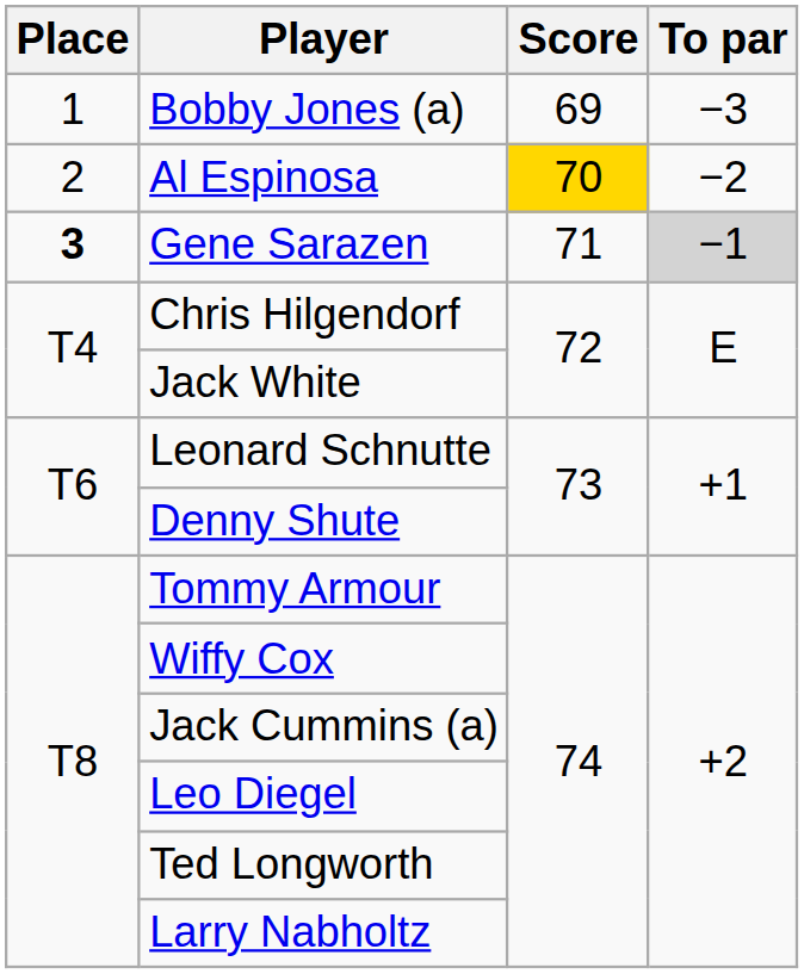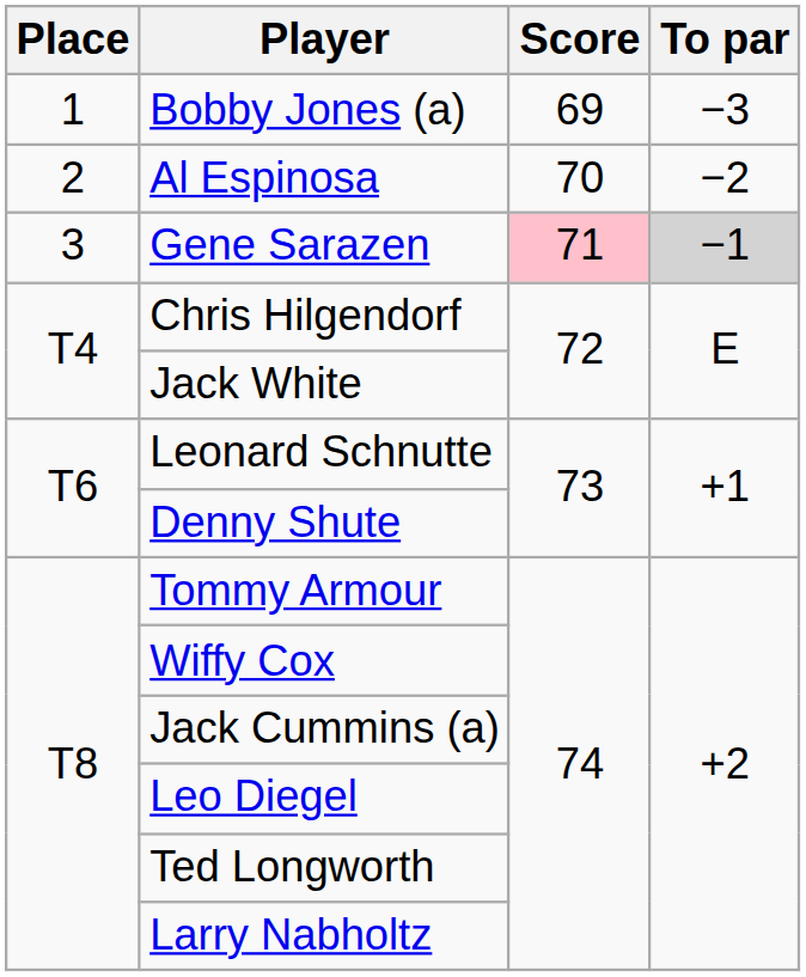 <table class=wikitable>
 <tr>
 <th>Place</th>
 <th>Player</th>
 <th>Score</th>
 <th>To par</th>
 </tr>
 <tr>
 <td align=center>1</td>
 <td> <a href='#'>Bobby Jones</a> (a)</td>
 <td align=center>69</td>
 <td align=center>−3</td>
 </tr>
 <tr>
 <td align=center>2</td>
 <td> <a href='#'>Al Espinosa</a></td>
-<td align=center style="background: gold;">70</td>
+<td align=center>70</td>
 <td align=center>−2</td>
 </tr>
 <tr>
-<td align=center><strong>3</strong></td>
+<td align=center>3</td>
 <td> <a href='#'>Gene Sarazen</a></td>
-<td align=center>71</td>
+<td align=center style="background: pink;">71</td>
 <td align=center style="background: lightgrey;">−1</td>
 </tr>
 <tr>
 <td rowspan=2 align=center>T4</td>
 <td> Chris Hilgendorf</td>
 <td rowspan=2 align=center>72</td>
 <td rowspan=2 align=center>E</td>
 </tr>
 <tr>
 <td> Jack White</td>
 </tr>
 <tr>
 <td rowspan=2 align=center>T6</td>
 <td> Leonard Schnutte</td>
 <td rowspan=2 align=center>73</td>
 <td rowspan=2 align=center>+1</td>
 </tr>
 <tr>
 <td> <a href='#'>Denny Shute</a></td>
 </tr>
 <tr>
 <td rowspan=6 align=center>T8</td>
 <td> <a href='#'>Tommy Armour</a></td>
 <td rowspan=6 align=center>74</td>
 <td rowspan=6 align=center>+2</td>
 </tr>
 <tr>
 <td> <a href='#'>Wiffy Cox</a> </td>
 </tr>
 <tr>
 <td> Jack Cummins (a)</td>
 </tr>
 <tr>
 <td> <a href='#'>Leo Diegel</a></td>
 </tr>
 <tr>
 <td> Ted Longworth</td>
 </tr>
 <tr>
 <td> <a href='#'>Larry Nabholtz</a></td>
 </tr>
 </table>
